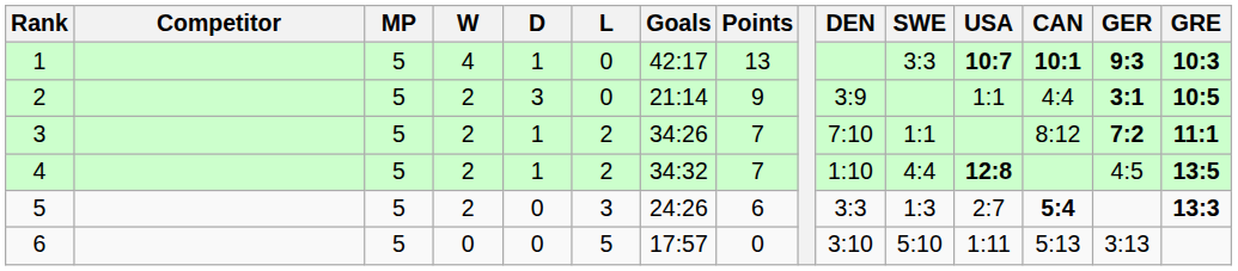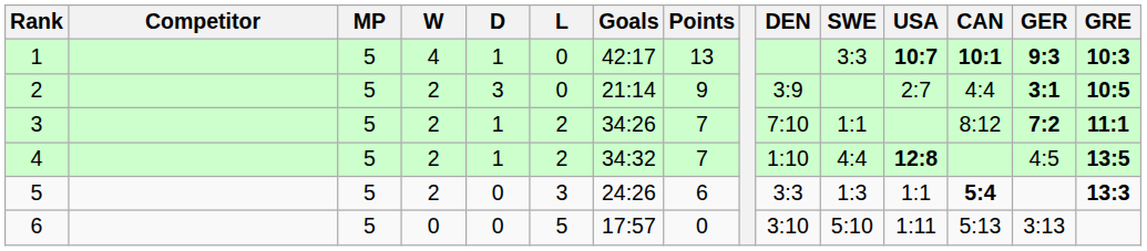 <table class="wikitable" style="text-align:center">
 <tr>
 <th>Rank</th>
 <th style="width:12em">Competitor</th>
 <th style="width:2.5em">MP</th>
 <th style="width:2.5em">W</th>
 <th style="width:2.5em">D</th>
 <th style="width:2.5em">L</th>
 <th>Goals</th>
 <th>Points</th>
 <th rowspan="7"> </th>
 <th style="width:2.5em">DEN</th>
 <th style="width:2.5em">SWE</th>
 <th style="width:2.5em">USA</th>
 <th style="width:2.5em">CAN</th>
 <th style="width:2.5em">GER</th>
 <th style="width:2.5em">GRE</th>
 </tr>
 <tr style="background:#cfc;">
 <td>1</td>
 <td style="text-align:left"></td>
 <td>5</td>
 <td>4</td>
 <td>1</td>
 <td>0</td>
 <td>42:17</td>
 <td>13</td>
 <td></td>
 <td>3:3</td>
 <td><strong>10:7</strong></td>
 <td><strong>10:1</strong></td>
 <td><strong>9:3</strong></td>
 <td><strong>10:3</strong></td>
 </tr>
 <tr style="background:#cfc;">
 <td>2</td>
 <td style="text-align:left"></td>
 <td>5</td>
 <td>2</td>
 <td>3</td>
 <td>0</td>
 <td>21:14</td>
 <td>9</td>
 <td>3:9</td>
 <td></td>
-<td>1:1</td>
+<td>2:7</td>
 <td>4:4</td>
 <td><strong>3:1</strong></td>
 <td><strong>10:5</strong></td>
 </tr>
 <tr style="background:#cfc;">
 <td>3</td>
 <td style="text-align:left"></td>
 <td>5</td>
 <td>2</td>
 <td>1</td>
 <td>2</td>
 <td>34:26</td>
 <td>7</td>
 <td>7:10</td>
 <td>1:1</td>
 <td></td>
 <td>8:12</td>
 <td><strong>7:2</strong></td>
 <td><strong>11:1</strong></td>
 </tr>
 <tr style="background:#cfc;">
 <td>4</td>
 <td style="text-align:left"></td>
 <td>5</td>
 <td>2</td>
 <td>1</td>
 <td>2</td>
 <td>34:32</td>
 <td>7</td>
 <td>1:10</td>
 <td>4:4</td>
 <td><strong>12:8</strong></td>
 <td></td>
 <td>4:5</td>
 <td><strong>13:5</strong></td>
 </tr>
 <tr>
 <td>5</td>
 <td style="text-align:left"></td>
 <td>5</td>
 <td>2</td>
 <td>0</td>
 <td>3</td>
 <td>24:26</td>
 <td>6</td>
 <td>3:3</td>
 <td>1:3</td>
-<td>2:7</td>
+<td>1:1</td>
 <td><strong>5:4</strong></td>
 <td></td>
 <td><strong>13:3</strong></td>
 </tr>
 <tr>
 <td>6</td>
 <td style="text-align:left"></td>
 <td>5</td>
 <td>0</td>
 <td>0</td>
 <td>5</td>
 <td>17:57</td>
 <td>0</td>
 <td>3:10</td>
 <td>5:10</td>
 <td>1:11</td>
 <td>5:13</td>
 <td>3:13</td>
 <td></td>
 </tr>
 </table>
